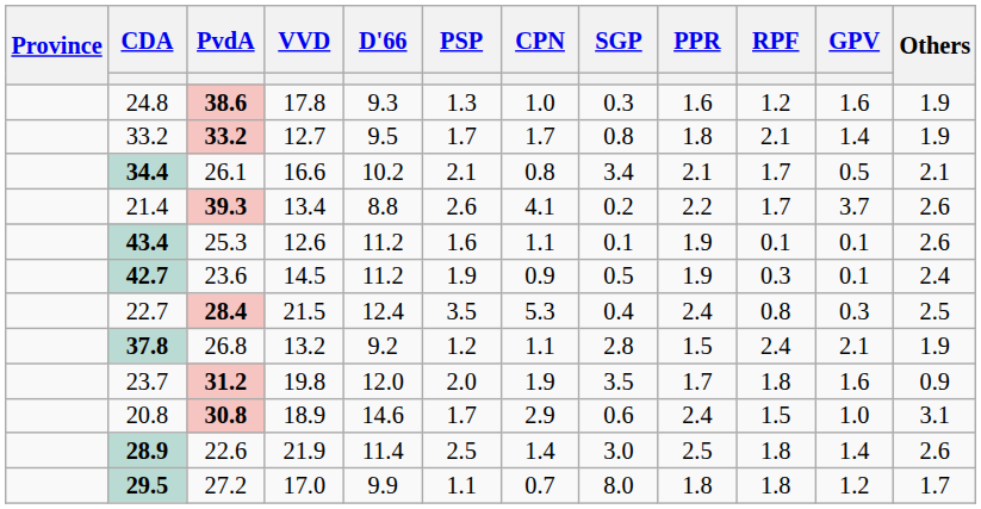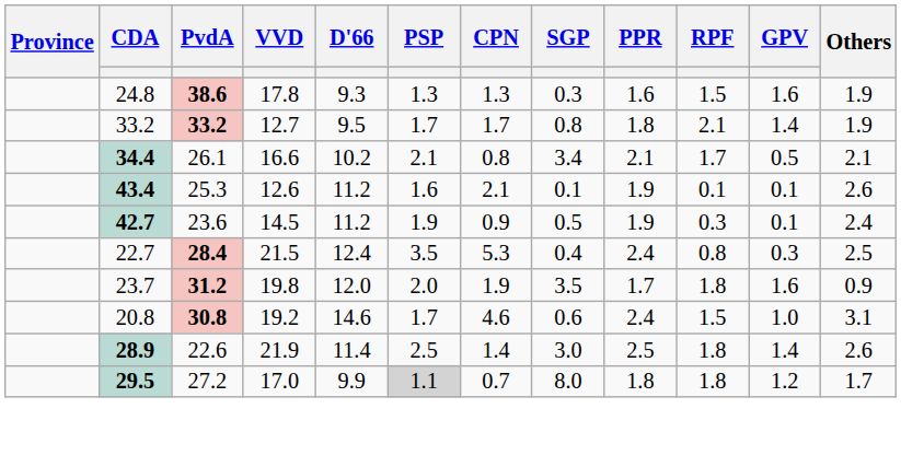 <table class="wikitable sortable" style="text-align:center;font-size:90%;line-height:14px">
 <tr style="height:40px;">
 <th rowspan="2"><a href='#'>Province</a></th>
 <th style="width:40px;"><a href='#'>CDA</a></th>
 <th style="width:40px;"><a href='#'>PvdA</a></th>
 <th style="width:40px;"><a href='#'>VVD</a></th>
 <th style="width:40px;"><a href='#'>D'66</a></th>
 <th style="width:40px;"><a href='#'>PSP</a></th>
 <th style="width:40px;"><a href='#'>CPN</a></th>
 <th style="width:40px;"><a href='#'>SGP</a></th>
 <th style="width:40px;"><a href='#'>PPR</a></th>
 <th style="width:40px;"><a href='#'>RPF</a></th>
 <th style="width:40px;"><a href='#'>GPV</a></th>
 <th style="width:40px;" rowspan="2">Others</th>
 </tr>
 <tr>
 <th style="background:"></th>
 <th style="background:"></th>
 <th style="background:"></th>
 <th style="background:"></th>
 <th style="background:"></th>
 <th style="background:"></th>
 <th style="background:"></th>
 <th style="background:"></th>
 <th style="background:"></th>
 <th style="background:"></th>
 </tr>
 <tr>
 <td align="left"></td>
 <td>24.8</td>
 <td style="background:#F6C5C1;"><strong>38.6</strong></td>
 <td>17.8</td>
 <td>9.3</td>
 <td>1.3</td>
-<td>1.0</td>
+<td>1.3</td>
 <td>0.3</td>
 <td>1.6</td>
-<td>1.2</td>
+<td>1.5</td>
 <td>1.6</td>
 <td>1.9</td>
 </tr>
 <tr>
 <td align="left"></td>
 <td>33.2</td>
 <td style="background:#F6C5C1;"><strong>33.2</strong></td>
 <td>12.7</td>
 <td>9.5</td>
 <td>1.7</td>
 <td>1.7</td>
 <td>0.8</td>
 <td>1.8</td>
 <td>2.1</td>
 <td>1.4</td>
 <td>1.9</td>
 </tr>
 <tr>
 <td align="left"></td>
 <td style="background:#BADBD3;"><strong>34.4</strong></td>
 <td>26.1</td>
 <td>16.6</td>
 <td>10.2</td>
 <td>2.1</td>
 <td>0.8</td>
 <td>3.4</td>
 <td>2.1</td>
 <td>1.7</td>
 <td>0.5</td>
 <td>2.1</td>
 </tr>
 <tr>
 <td align="left"></td>
-<td>21.4</td>
-<td style="background:#F6C5C1;"><strong>39.3</strong></td>
-<td>13.4</td>
-<td>8.8</td>
-<td>2.6</td>
-<td>4.1</td>
-<td>0.2</td>
-<td>2.2</td>
-<td>1.7</td>
-<td>3.7</td>
-<td>2.6</td>
-</tr>
-<tr>
-<td align="left"></td>
 <td style="background:#BADBD3;"><strong>43.4</strong></td>
 <td>25.3</td>
 <td>12.6</td>
 <td>11.2</td>
 <td>1.6</td>
-<td>1.1</td>
+<td>2.1</td>
 <td>0.1</td>
 <td>1.9</td>
 <td>0.1</td>
 <td>0.1</td>
 <td>2.6</td>
 </tr>
 <tr>
 <td align="left"></td>
 <td style="background:#BADBD3;"><strong>42.7</strong></td>
 <td>23.6</td>
 <td>14.5</td>
 <td>11.2</td>
 <td>1.9</td>
 <td>0.9</td>
 <td>0.5</td>
 <td>1.9</td>
 <td>0.3</td>
 <td>0.1</td>
 <td>2.4</td>
 </tr>
 <tr>
 <td align="left"></td>
 <td>22.7</td>
 <td style="background:#F6C5C1;"><strong>28.4</strong></td>
 <td>21.5</td>
 <td>12.4</td>
 <td>3.5</td>
 <td>5.3</td>
 <td>0.4</td>
 <td>2.4</td>
 <td>0.8</td>
 <td>0.3</td>
 <td>2.5</td>
 </tr>
 <tr>
 <td align="left"></td>
-<td style="background:#BADBD3;"><strong>37.8</strong></td>
-<td>26.8</td>
-<td>13.2</td>
-<td>9.2</td>
-<td>1.2</td>
-<td>1.1</td>
-<td>2.8</td>
-<td>1.5</td>
-<td>2.4</td>
-<td>2.1</td>
-<td>1.9</td>
-</tr>
-<tr>
-<td align="left"></td>
 <td>23.7</td>
 <td style="background:#F6C5C1;"><strong>31.2</strong></td>
 <td>19.8</td>
 <td>12.0</td>
 <td>2.0</td>
 <td>1.9</td>
 <td>3.5</td>
 <td>1.7</td>
 <td>1.8</td>
 <td>1.6</td>
 <td>0.9</td>
 </tr>
 <tr>
 <td align="left"></td>
 <td>20.8</td>
 <td style="background:#F6C5C1;"><strong>30.8</strong></td>
-<td>18.9</td>
+<td>19.2</td>
 <td>14.6</td>
 <td>1.7</td>
-<td>2.9</td>
+<td>4.6</td>
 <td>0.6</td>
 <td>2.4</td>
 <td>1.5</td>
 <td>1.0</td>
 <td>3.1</td>
 </tr>
 <tr>
 <td align="left"></td>
 <td style="background:#BADBD3;"><strong>28.9</strong></td>
 <td>22.6</td>
 <td>21.9</td>
 <td>11.4</td>
 <td>2.5</td>
 <td>1.4</td>
 <td>3.0</td>
 <td>2.5</td>
 <td>1.8</td>
 <td>1.4</td>
 <td>2.6</td>
 </tr>
 <tr>
 <td align="left"></td>
 <td style="background:#BADBD3;"><strong>29.5</strong></td>
 <td>27.2</td>
 <td>17.0</td>
 <td>9.9</td>
-<td>1.1</td>
+<td style="background: lightgrey;">1.1</td>
 <td>0.7</td>
 <td>8.0</td>
 <td>1.8</td>
 <td>1.8</td>
 <td>1.2</td>
 <td>1.7</td>
 </tr>
 </table>
